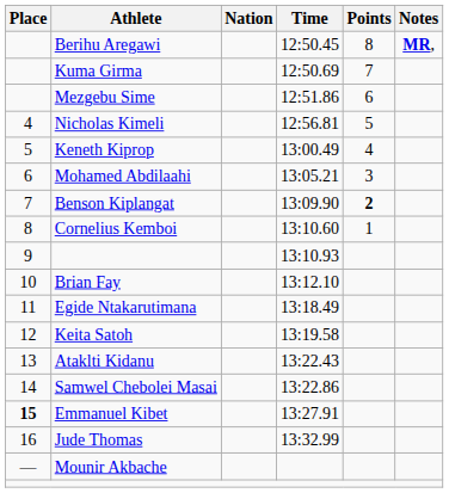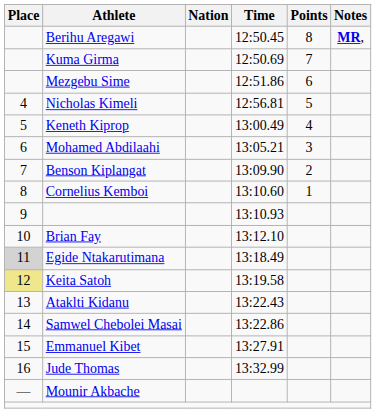 <table class="wikitable mw-datatable sortable" style="text-align:center;">
 <tr>
 <th scope="col">Place</th>
 <th scope="col">Athlete</th>
 <th scope="col">Nation</th>
 <th scope="col">Time</th>
 <th scope="col">Points</th>
 <th scope="col">Notes</th>
 </tr>
 <tr>
 <td></td>
 <td align="left"><a href='#'>Berihu Aregawi</a></td>
 <td align="left"></td>
 <td>12:50.45</td>
 <td>8</td>
 <td><strong><a href='#'>MR</a></strong>, </td>
 </tr>
 <tr>
 <td></td>
 <td align="left"><a href='#'>Kuma Girma</a></td>
 <td align="left"></td>
 <td>12:50.69</td>
 <td>7</td>
 <td></td>
 </tr>
 <tr>
 <td></td>
 <td align="left"><a href='#'>Mezgebu Sime</a></td>
 <td align="left"></td>
 <td>12:51.86</td>
 <td>6</td>
 <td></td>
 </tr>
 <tr>
 <td>4</td>
 <td align="left"><a href='#'>Nicholas Kimeli</a></td>
 <td align="left"></td>
 <td>12:56.81</td>
 <td>5</td>
 <td></td>
 </tr>
 <tr>
 <td>5</td>
 <td align="left"><a href='#'>Keneth Kiprop</a></td>
 <td align="left"></td>
 <td>13:00.49</td>
 <td>4</td>
 <td></td>
 </tr>
 <tr>
 <td>6</td>
 <td align="left"><a href='#'>Mohamed Abdilaahi</a></td>
 <td align="left"></td>
 <td>13:05.21</td>
 <td>3</td>
 <td></td>
 </tr>
 <tr>
 <td>7</td>
 <td align="left"><a href='#'>Benson Kiplangat</a></td>
 <td align="left"></td>
 <td>13:09.90</td>
-<td><strong>2</strong></td>
+<td>2</td>
 <td></td>
 </tr>
 <tr>
 <td>8</td>
 <td align="left"><a href='#'>Cornelius Kemboi</a></td>
 <td align="left"></td>
 <td>13:10.60</td>
 <td>1</td>
 <td></td>
 </tr>
 <tr>
 <td>9</td>
 <td align="left"></td>
 <td align="left"></td>
 <td>13:10.93</td>
 <td></td>
 <td></td>
 </tr>
 <tr>
 <td>10</td>
 <td align="left"><a href='#'>Brian Fay</a></td>
 <td align="left"></td>
 <td>13:12.10</td>
 <td></td>
 <td></td>
 </tr>
 <tr>
-<td>11</td>
+<td style="background: lightgrey;">11</td>
 <td align="left"><a href='#'>Egide Ntakarutimana</a></td>
 <td align="left"></td>
 <td>13:18.49</td>
 <td></td>
 <td></td>
 </tr>
 <tr>
-<td>12</td>
+<td style="background: khaki;">12</td>
 <td align="left"><a href='#'>Keita Satoh</a></td>
 <td align="left"></td>
 <td>13:19.58</td>
 <td></td>
 <td></td>
 </tr>
 <tr>
 <td>13</td>
 <td align="left"><a href='#'>Ataklti Kidanu</a></td>
 <td align="left"></td>
 <td>13:22.43</td>
 <td></td>
 <td></td>
 </tr>
 <tr>
 <td>14</td>
 <td align="left"><a href='#'>Samwel Chebolei Masai</a></td>
 <td align="left"></td>
 <td>13:22.86</td>
 <td></td>
 <td></td>
 </tr>
 <tr>
-<td><strong>15</strong></td>
+<td>15</td>
 <td align="left"><a href='#'>Emmanuel Kibet</a></td>
 <td align="left"></td>
 <td>13:27.91</td>
 <td></td>
 <td></td>
 </tr>
 <tr>
 <td>16</td>
 <td align="left"><a href='#'>Jude Thomas</a></td>
 <td align="left"></td>
 <td>13:32.99</td>
 <td></td>
 <td></td>
 </tr>
 <tr>
 <td>—</td>
 <td align="left"><a href='#'>Mounir Akbache</a></td>
 <td align="left"></td>
 <td></td>
 <td></td>
 <td></td>
 </tr>
 <tr class="sortbottom">
 <td colspan="6"></td>
 </tr>
 </table>
